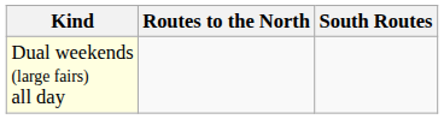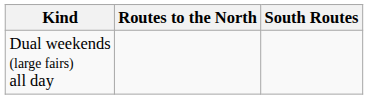 <table class = "wikitable" style="margin-left: auto; margin-right: auto; border: none;">
 <tr>
 <th>Kind</th>
 <th>Routes to the North</th>
 <th>South Routes</th>
 </tr>
 <tr>
-<td style="background: lightyellow;">Dual weekends <br> <small> (large fairs) </small> <br> all day</td>
+<td>Dual weekends <br> <small> (large fairs) </small> <br> all day</td>
 <td></td>
 <td></td>
 </tr>
 </table>
